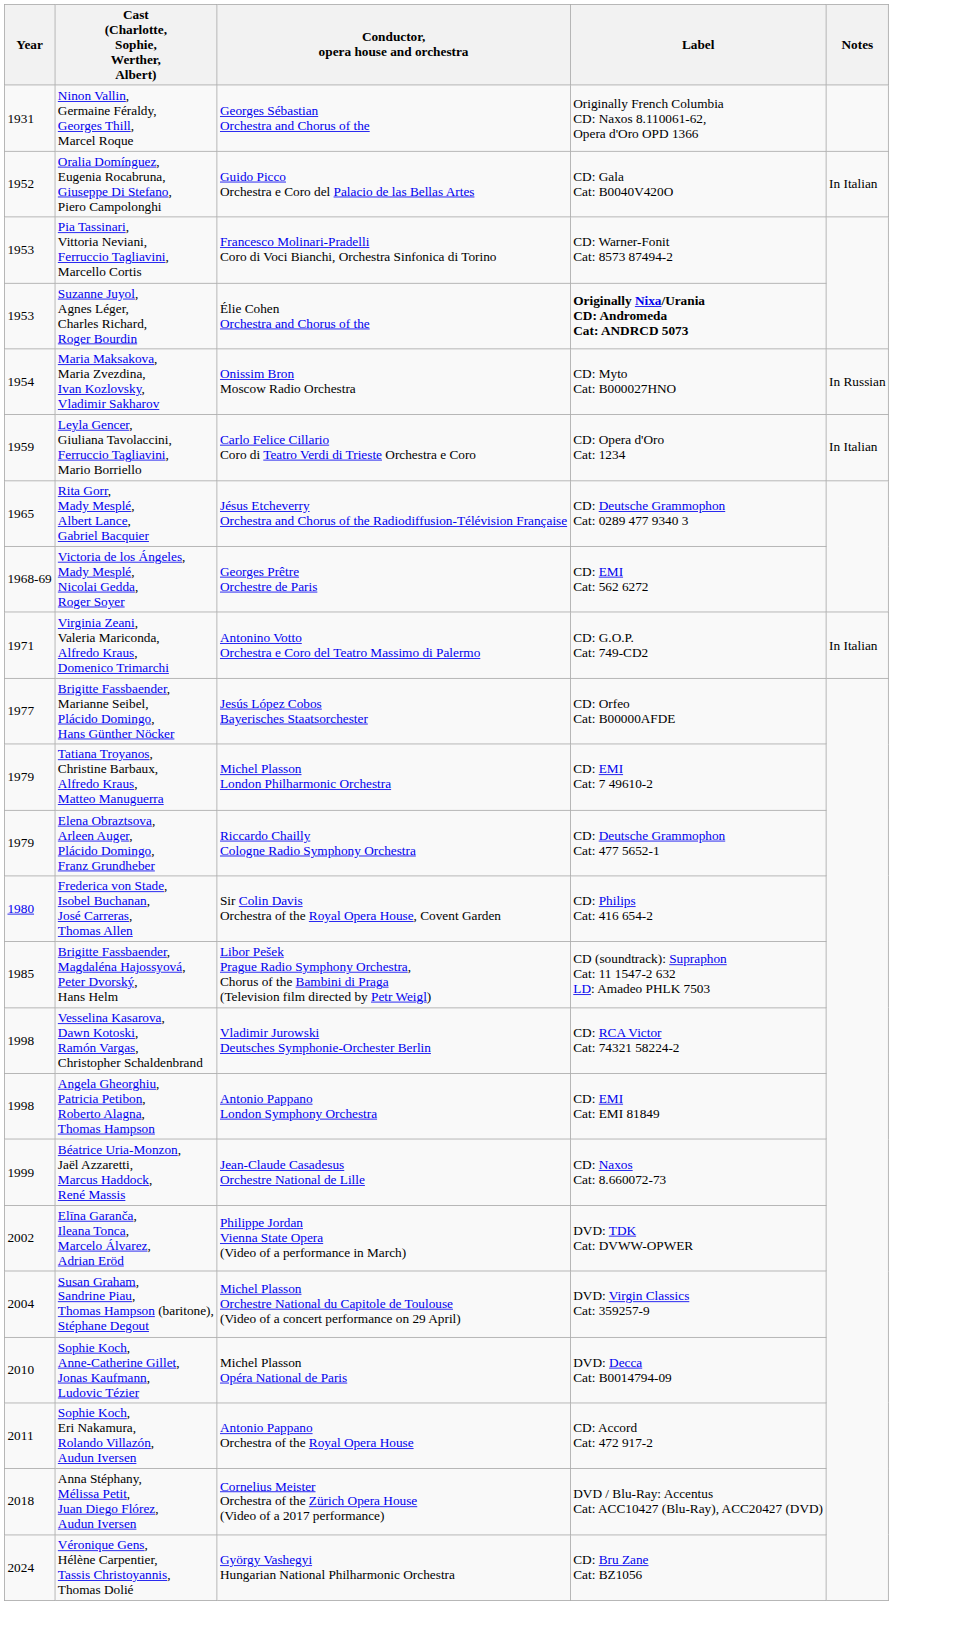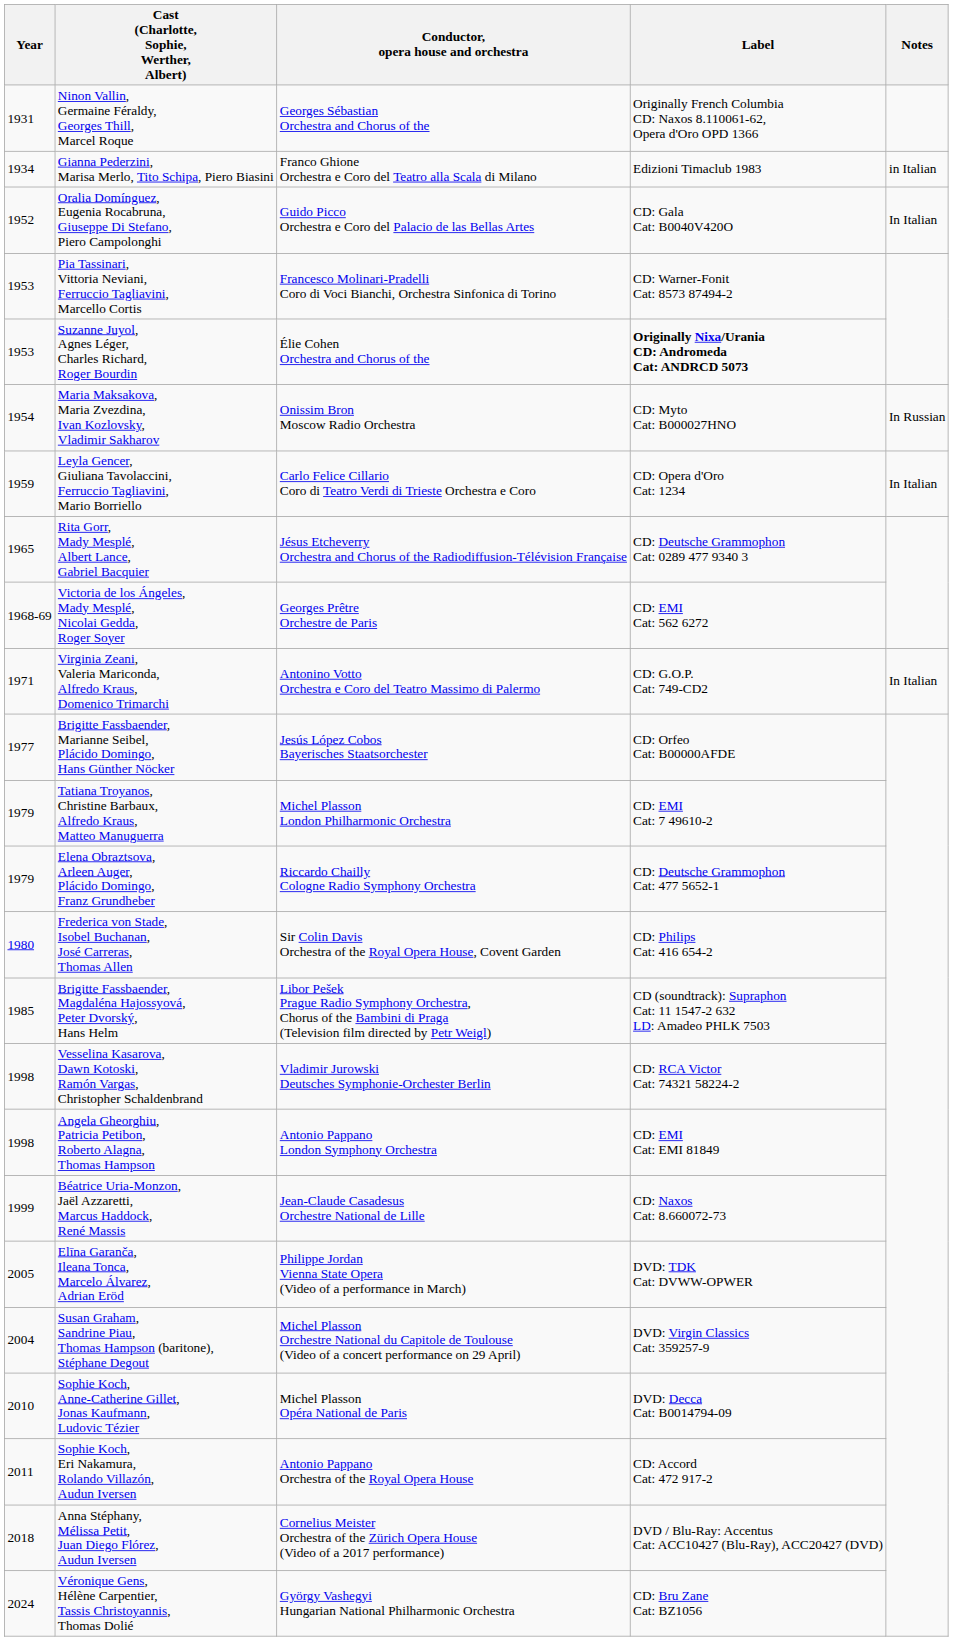 <table class="wikitable">
 <tr>
 <th>Year</th>
 <th>Cast<br>(Charlotte,<br>Sophie,<br>Werther,<br>Albert)</th>
 <th>Conductor,<br>opera house and orchestra</th>
 <th>Label</th>
 <th>Notes</th>
 </tr>
 <tr>
 <td>1931</td>
 <td><a href='#'>Ninon Vallin</a>, <br>Germaine Féraldy,<br><a href='#'>Georges Thill</a>,<br>Marcel Roque</td>
 <td><a href='#'>Georges Sébastian</a> <br><a href='#'>Orchestra and Chorus of the </a></td>
 <td>Originally French Columbia<br>CD: Naxos 8.110061-62, <br>Opera d'Oro OPD 1366</td>
+</tr>
+<tr>
+<td>1934</td>
+<td><a href='#'>Gianna Pederzini</a>,<br>Marisa Merlo,                         <a href='#'>Tito Schipa</a>,                             Piero Biasini</td>
+<td>Franco Ghione<br>Orchestra e Coro del <a href='#'>Teatro alla Scala</a> di Milano</td>
+<td>Edizioni Timaclub 1983</td>
+<td>in Italian</td>
 </tr>
 <tr>
 <td>1952</td>
 <td><a href='#'>Oralia Domínguez</a>,<br>Eugenia Rocabruna,<br><a href='#'>Giuseppe Di Stefano</a>,<br>Piero Campolonghi</td>
 <td><a href='#'>Guido Picco</a><br>Orchestra e Coro del <a href='#'>Palacio de las Bellas Artes</a></td>
 <td>CD: Gala<br>Cat: B0040V420O</td>
 <td>In Italian</td>
 </tr>
 <tr>
 <td>1953</td>
 <td><a href='#'>Pia Tassinari</a>,<br>Vittoria Neviani,<br><a href='#'>Ferruccio Tagliavini</a>,<br>Marcello Cortis</td>
 <td><a href='#'>Francesco Molinari-Pradelli</a><br>Coro di Voci Bianchi, Orchestra Sinfonica di Torino</td>
 <td>CD: Warner-Fonit<br>Cat: 8573 87494-2</td>
 </tr>
 <tr>
 <td>1953</td>
 <td><a href='#'>Suzanne Juyol</a>, <br>Agnes Léger, <br>Charles Richard, <br><a href='#'>Roger Bourdin</a></td>
 <td>Élie Cohen <br><a href='#'>Orchestra and Chorus of the </a></td>
 <td><strong>Originally <a href='#'>Nixa</a>/Urania<br>CD: Andromeda<br>Cat: ANDRCD 5073</strong></td>
 </tr>
 <tr>
 <td>1954</td>
 <td><a href='#'>Maria Maksakova</a>, <br>Maria Zvezdina, <br><a href='#'>Ivan Kozlovsky</a>, <br><a href='#'>Vladimir Sakharov</a></td>
 <td><a href='#'>Onissim Bron</a> <br>Moscow Radio Orchestra</td>
 <td>CD: Myto<br>Cat: B000027HNO</td>
 <td>In Russian</td>
 </tr>
 <tr>
 <td>1959</td>
 <td><a href='#'>Leyla Gencer</a>,<br>Giuliana Tavolaccini,<br><a href='#'>Ferruccio Tagliavini</a>,<br>Mario Borriello</td>
 <td><a href='#'>Carlo Felice Cillario</a><br>Coro di <a href='#'>Teatro Verdi di Trieste</a> Orchestra e Coro</td>
 <td>CD: Opera d'Oro<br>Cat: 1234</td>
 <td>In Italian</td>
 </tr>
 <tr>
 <td>1965</td>
 <td><a href='#'>Rita Gorr</a>, <br><a href='#'>Mady Mesplé</a>, <br><a href='#'>Albert Lance</a>, <br><a href='#'>Gabriel Bacquier</a></td>
 <td><a href='#'>Jésus Etcheverry</a> <br><a href='#'>Orchestra and Chorus of the Radiodiffusion-Télévision Française</a></td>
 <td>CD: <a href='#'>Deutsche Grammophon</a><br>Cat: 0289 477 9340 3</td>
 </tr>
 <tr>
 <td>1968-69</td>
 <td><a href='#'>Victoria de los Ángeles</a>, <br><a href='#'>Mady Mesplé</a>, <br><a href='#'>Nicolai Gedda</a>, <br><a href='#'>Roger Soyer</a></td>
 <td><a href='#'>Georges Prêtre</a> <br><a href='#'>Orchestre de Paris</a></td>
 <td>CD: <a href='#'>EMI</a><br>Cat: 562 6272</td>
 </tr>
 <tr>
 <td>1971</td>
 <td><a href='#'>Virginia Zeani</a>, <br>Valeria Mariconda, <br><a href='#'>Alfredo Kraus</a>, <br><a href='#'>Domenico Trimarchi</a></td>
 <td><a href='#'>Antonino Votto</a> <br><a href='#'>Orchestra e Coro del Teatro Massimo di Palermo</a></td>
 <td>CD: G.O.P.<br>Cat: 749-CD2</td>
 <td>In Italian</td>
 </tr>
 <tr>
 <td>1977</td>
 <td><a href='#'>Brigitte Fassbaender</a>, <br>Marianne Seibel,<br><a href='#'>Plácido Domingo</a>,<br><a href='#'>Hans Günther Nöcker</a></td>
 <td><a href='#'>Jesús López Cobos</a> <br><a href='#'>Bayerisches Staatsorchester</a></td>
 <td>CD: Orfeo<br>Cat: B00000AFDE</td>
 </tr>
 <tr>
 <td>1979</td>
 <td><a href='#'>Tatiana Troyanos</a>, <br>Christine Barbaux, <br><a href='#'>Alfredo Kraus</a>, <br><a href='#'>Matteo Manuguerra</a></td>
 <td><a href='#'>Michel Plasson</a> <br><a href='#'>London Philharmonic Orchestra</a></td>
 <td>CD: <a href='#'>EMI</a><br>Cat: 7 49610-2</td>
 </tr>
 <tr>
 <td>1979</td>
 <td><a href='#'>Elena Obraztsova</a>, <br><a href='#'>Arleen Auger</a>, <br><a href='#'>Plácido Domingo</a>, <br><a href='#'>Franz Grundheber</a></td>
 <td><a href='#'>Riccardo Chailly</a> <br><a href='#'>Cologne Radio Symphony Orchestra</a></td>
 <td>CD: <a href='#'>Deutsche Grammophon</a><br>Cat: 477 5652-1</td>
 </tr>
 <tr>
 <td><a href='#'>1980</a></td>
 <td><a href='#'>Frederica von Stade</a>, <br><a href='#'>Isobel Buchanan</a>, <br><a href='#'>José Carreras</a>, <br><a href='#'>Thomas Allen</a></td>
 <td>Sir <a href='#'>Colin Davis</a> <br>Orchestra of the <a href='#'>Royal Opera House</a>, Covent Garden</td>
 <td>CD: <a href='#'>Philips</a><br>Cat: 416 654-2</td>
 </tr>
 <tr>
 <td>1985</td>
 <td><a href='#'>Brigitte Fassbaender</a>,<br><a href='#'>Magdaléna Hajossyová</a>, <br><a href='#'>Peter Dvorský</a>,<br>Hans Helm</td>
 <td><a href='#'>Libor Pešek</a> <br><a href='#'>Prague Radio Symphony Orchestra</a>,<br>Chorus of the <a href='#'>Bambini di Praga</a><br>(Television film directed by <a href='#'>Petr Weigl</a>)</td>
 <td>CD (soundtrack): <a href='#'>Supraphon</a><br>Cat: 11 1547-2 632<br><a href='#'>LD</a>: Amadeo PHLK 7503<br></td>
 </tr>
 <tr>
 <td>1998</td>
 <td><a href='#'>Vesselina Kasarova</a>, <br><a href='#'>Dawn Kotoski</a>, <br><a href='#'>Ramón Vargas</a>, <br>Christopher Schaldenbrand</td>
 <td><a href='#'>Vladimir Jurowski</a> <br><a href='#'>Deutsches Symphonie-Orchester Berlin</a></td>
 <td>CD: <a href='#'>RCA Victor</a><br>Cat: 74321 58224-2</td>
 </tr>
 <tr>
 <td>1998</td>
 <td><a href='#'>Angela Gheorghiu</a>, <br><a href='#'>Patricia Petibon</a>, <br><a href='#'>Roberto Alagna</a>, <br><a href='#'>Thomas Hampson</a></td>
 <td><a href='#'>Antonio Pappano</a> <br><a href='#'>London Symphony Orchestra</a></td>
 <td>CD: <a href='#'>EMI</a><br>Cat: EMI 81849</td>
 </tr>
 <tr>
 <td>1999</td>
 <td><a href='#'>Béatrice Uria-Monzon</a>, <br>Jaël Azzaretti, <br><a href='#'>Marcus Haddock</a>, <br><a href='#'>René Massis</a></td>
 <td><a href='#'>Jean-Claude Casadesus</a> <br><a href='#'>Orchestre National de Lille</a></td>
 <td>CD: <a href='#'>Naxos</a><br>Cat: 8.660072-73</td>
 </tr>
 <tr>
-<td>2002</td>
+<td>2005</td>
 <td><a href='#'>Elīna Garanča</a>, <br><a href='#'>Ileana Tonca</a>,<br><a href='#'>Marcelo Álvarez</a>, <br><a href='#'>Adrian Eröd</a></td>
 <td><a href='#'>Philippe Jordan</a><br><a href='#'>Vienna State Opera</a><br>(Video of a performance in March)</td>
 <td>DVD: <a href='#'>TDK</a><br>Cat: DVWW-OPWER</td>
 </tr>
 <tr>
 <td>2004</td>
 <td><a href='#'>Susan Graham</a>,<br><a href='#'>Sandrine Piau</a>,<br><a href='#'>Thomas Hampson</a> (baritone),<br><a href='#'>Stéphane Degout</a></td>
 <td><a href='#'>Michel Plasson</a><br><a href='#'>Orchestre National du Capitole de Toulouse</a><br>(Video of a concert performance on 29 April)</td>
 <td>DVD: <a href='#'>Virgin Classics</a><br>Cat: 359257-9</td>
 </tr>
 <tr>
 <td>2010</td>
 <td><a href='#'>Sophie Koch</a>,<br><a href='#'>Anne-Catherine Gillet</a>,<br><a href='#'>Jonas Kaufmann</a>,<br><a href='#'>Ludovic Tézier</a></td>
 <td>Michel Plasson<br><a href='#'>Opéra National de Paris</a></td>
 <td>DVD: <a href='#'>Decca</a><br>Cat: B0014794-09</td>
 </tr>
 <tr>
 <td>2011</td>
 <td><a href='#'>Sophie Koch</a>,<br>Eri Nakamura,<br><a href='#'>Rolando Villazón</a>,<br><a href='#'>Audun Iversen</a></td>
 <td><a href='#'>Antonio Pappano</a><br>Orchestra of the <a href='#'>Royal Opera House</a></td>
 <td>CD: Accord<br>Cat: 472 917-2</td>
 </tr>
 <tr>
 <td>2018</td>
 <td>Anna Stéphany,<br><a href='#'>Mélissa Petit</a>,<br><a href='#'>Juan Diego Flórez</a>,<br><a href='#'>Audun Iversen</a></td>
 <td><a href='#'>Cornelius Meister</a><br>Orchestra of the <a href='#'>Zürich Opera House</a><br>(Video of a 2017 performance)</td>
 <td>DVD / Blu-Ray: Accentus<br> Cat: ACC10427 (Blu-Ray), ACC20427 (DVD)<br></td>
 </tr>
 <tr>
 <td>2024</td>
 <td><a href='#'>Véronique Gens</a>,<br>Hélène Carpentier,<br><a href='#'>Tassis Christoyannis</a>,<br>Thomas Dolié</td>
 <td><a href='#'>György Vashegyi</a><br>Hungarian National Philharmonic Orchestra<br></td>
 <td>CD: <a href='#'>Bru Zane</a><br>Cat: BZ1056</td>
 </tr>
 </table>
